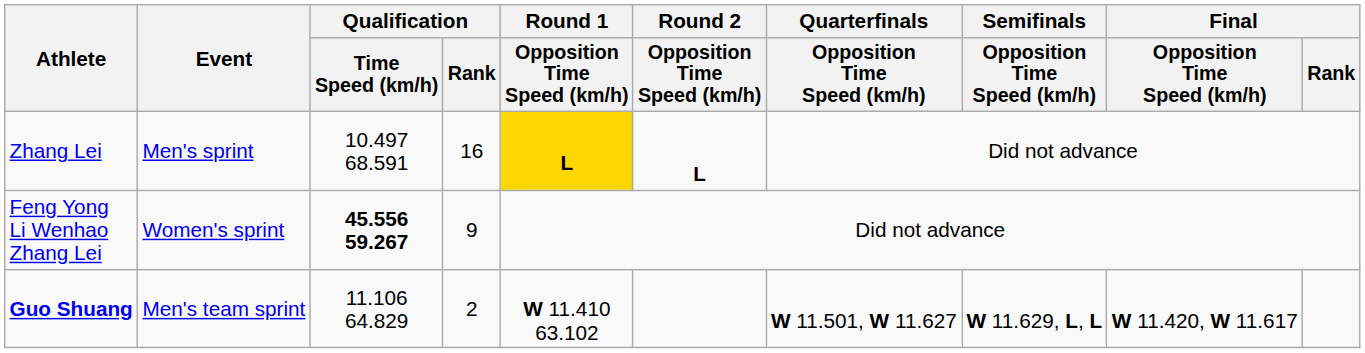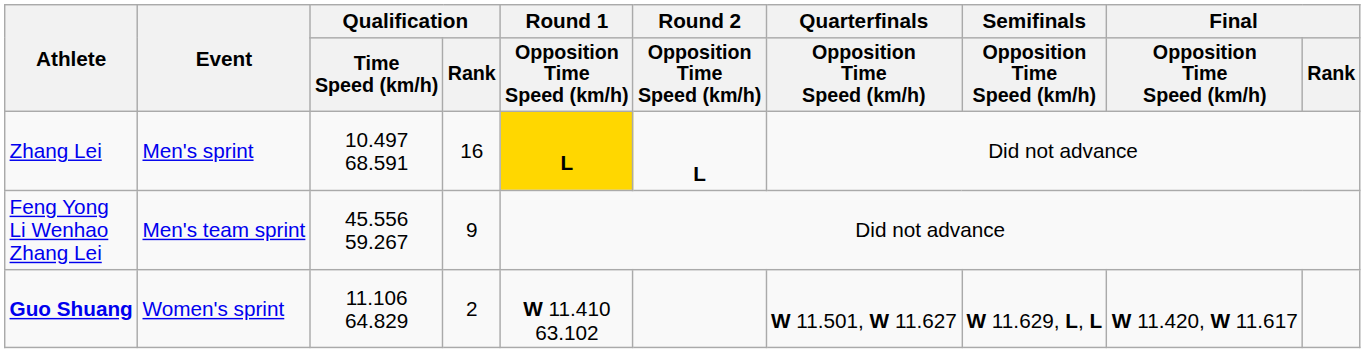 <table class="wikitable" style="font-size:90%">
 <tr>
 <th rowspan="2">Athlete</th>
 <th rowspan="2">Event</th>
 <th colspan=2>Qualification</th>
 <th>Round 1</th>
 <th>Round 2</th>
 <th>Quarterfinals</th>
 <th>Semifinals</th>
 <th colspan=2>Final</th>
 </tr>
 <tr style="font-size:95%">
 <th>Time<br>Speed (km/h)</th>
 <th>Rank</th>
 <th>Opposition<br>Time<br>Speed (km/h)</th>
 <th>Opposition<br>Time<br>Speed (km/h)</th>
 <th>Opposition<br>Time<br>Speed (km/h)</th>
 <th>Opposition<br>Time<br>Speed (km/h)</th>
 <th>Opposition<br>Time<br>Speed (km/h)</th>
 <th>Rank</th>
 </tr>
 <tr align=center>
 <td align=left><a href='#'>Zhang Lei</a></td>
 <td align=left><a href='#'>Men's sprint</a></td>
 <td>10.497<br>68.591</td>
 <td>16</td>
 <td style="background: gold;"><br><strong>L</strong></td>
 <td><br><br><strong>L</strong></td>
 <td colspan=4>Did not advance</td>
 </tr>
 <tr align=center>
 <td align=left><a href='#'>Feng Yong</a><br><a href='#'>Li Wenhao</a><br><a href='#'>Zhang Lei</a></td>
-<td align=left><a href='#'>Women's sprint</a></td>
-<td><strong>45.556<br>59.267</strong></td>
+<td align=left><a href='#'>Men's team sprint</a></td>
+<td>45.556<br>59.267</td>
 <td>9</td>
 <td colspan=6>Did not advance</td>
 </tr>
 <tr align=center>
 <td align=left><strong><a href='#'>Guo Shuang</a></strong></td>
-<td align=left><a href='#'>Men's team sprint</a></td>
+<td align=left><a href='#'>Women's sprint</a></td>
 <td>11.106<br>64.829</td>
 <td>2</td>
 <td><br><strong>W</strong> 11.410<br>63.102</td>
 <td></td>
 <td><br><strong>W</strong> 11.501, <strong>W</strong> 11.627</td>
 <td><br><strong>W</strong> 11.629, <strong>L</strong>, <strong>L</strong> </td>
 <td><br><strong>W</strong> 11.420, <strong>W</strong> 11.617</td>
 <td></td>
 </tr>
 </table>
